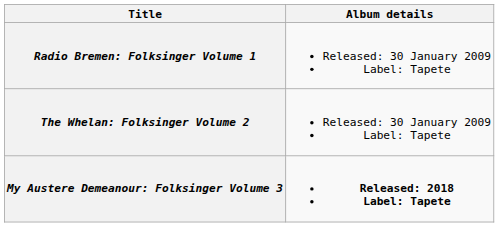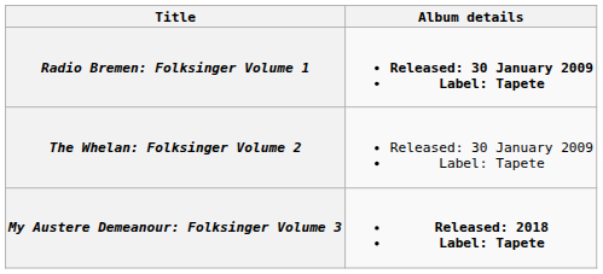 <table class="wikitable plainrowheaders" style=text-align:center;>
 <tr>
 <th scope="col">Title</th>
 <th scope="col">Album details</th>
 </tr>
 <tr>
 <th scope="row"><em>Radio Bremen: Folksinger Volume 1</em></th>
-<td><br><ul><li>Released: 30 January 2009</li><li>Label: Tapete</li></ul></td>
+<td><strong><br><ul><li>Released: 30 January 2009</li><li>Label: Tapete</li></ul></strong></td>
 </tr>
 <tr>
 <th scope="row"><em>The Whelan: Folksinger Volume 2</em></th>
 <td><br><ul><li>Released: 30 January 2009</li><li>Label: Tapete</li></ul></td>
 </tr>
 <tr>
 <th scope="row"><em>My Austere Demeanour: Folksinger Volume 3</em></th>
 <td><strong><br><ul><li>Released: 2018</li><li>Label: Tapete</li></ul></strong></td>
 </tr>
 </table>
